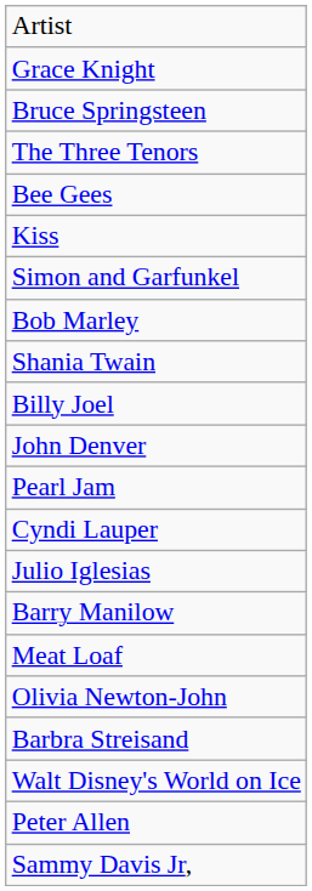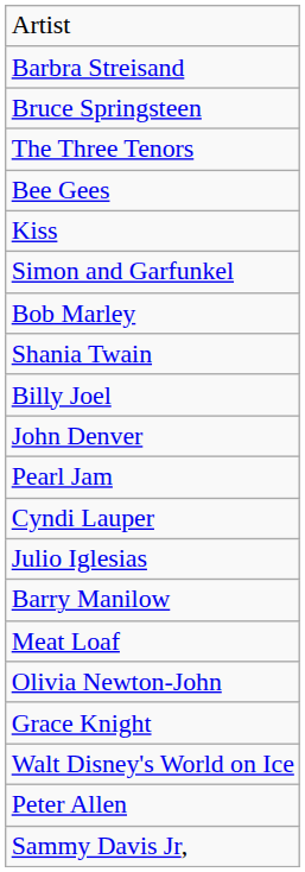 <table class="wikitable">
 <tr>
 <td>Artist</td>
 </tr>
 <tr>
-<td><a href='#'>Grace Knight</a></td>
+<td><a href='#'>Barbra Streisand</a></td>
 </tr>
 <tr>
 <td><a href='#'>Bruce Springsteen</a></td>
 </tr>
 <tr>
 <td><a href='#'>The Three Tenors</a></td>
 </tr>
 <tr>
 <td><a href='#'>Bee Gees</a></td>
 </tr>
 <tr>
 <td><a href='#'>Kiss</a></td>
 </tr>
 <tr>
 <td><a href='#'>Simon and Garfunkel</a></td>
 </tr>
 <tr>
 <td><a href='#'>Bob Marley</a></td>
 </tr>
 <tr>
 <td><a href='#'>Shania Twain</a></td>
 </tr>
 <tr>
 <td><a href='#'>Billy Joel</a></td>
 </tr>
 <tr>
 <td><a href='#'>John Denver</a></td>
 </tr>
 <tr>
 <td><a href='#'>Pearl Jam</a></td>
 </tr>
 <tr>
 <td><a href='#'>Cyndi Lauper</a></td>
 </tr>
 <tr>
 <td><a href='#'>Julio Iglesias</a></td>
 </tr>
 <tr>
 <td><a href='#'>Barry Manilow</a></td>
 </tr>
 <tr>
 <td><a href='#'>Meat Loaf</a></td>
 </tr>
 <tr>
 <td><a href='#'>Olivia Newton-John</a></td>
 </tr>
 <tr>
-<td><a href='#'>Barbra Streisand</a></td>
+<td><a href='#'>Grace Knight</a></td>
 </tr>
 <tr>
 <td><a href='#'>Walt Disney's World on Ice</a></td>
 </tr>
 <tr>
 <td><a href='#'>Peter Allen</a></td>
 </tr>
 <tr>
 <td><a href='#'>Sammy Davis Jr</a>,</td>
 </tr>
 </table>
